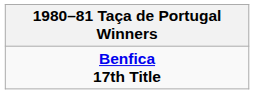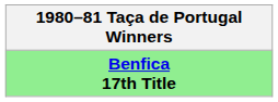 <table class="wikitable" style="text-align: center; margin: 0 auto; width: 20%">
 <tr>
 <th>1980–81 Taça de Portugal Winners</th>
 </tr>
 <tr>
-<td><strong><a href='#'>Benfica</a></strong><br><strong>17th Title</strong></td>
+<td style="background: lightgreen;"><strong><a href='#'>Benfica</a></strong><br><strong>17th Title</strong></td>
 </tr>
 </table>
